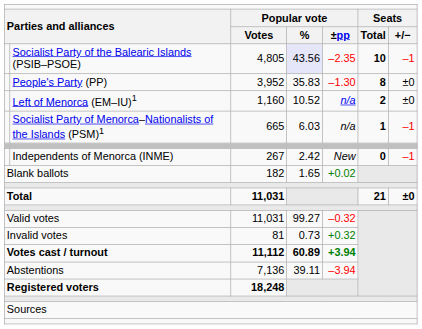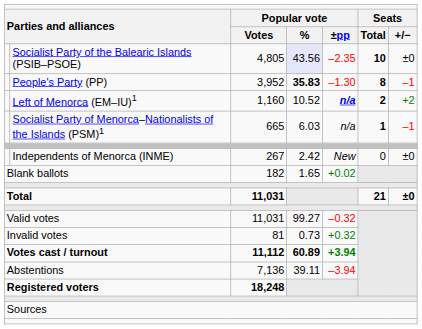 <table class="wikitable" style="text-align:right;">
 <tr>
 <td colspan="7"></td>
 </tr>
 <tr>
 <th style="text-align:left;" rowspan="2" colspan="2" width="525">Parties and alliances</th>
 <th colspan="3">Popular vote</th>
 <th colspan="2">Seats</th>
 </tr>
 <tr>
 <th width="75">Votes</th>
 <th width="45">%</th>
 <th width="45">±<a href='#'>pp</a></th>
 <th width="35">Total</th>
 <th width="35">+/−</th>
 </tr>
 <tr>
 <td width="1" style="color:inherit;background:"></td>
 <td align="left"><a href='#'>Socialist Party of the Balearic Islands</a> (PSIB–PSOE)</td>
 <td>4,805</td>
 <td style="background: lavender;">43.56</td>
 <td style="color:red;">–2.35</td>
 <td><strong>10</strong></td>
-<td style="color:red;">–1</td>
+<td>±0</td>
 </tr>
 <tr>
 <td style="color:inherit;background:"></td>
 <td align="left"><a href='#'>People's Party</a> (PP)</td>
 <td>3,952</td>
-<td>35.83</td>
+<td><strong>35.83</strong></td>
 <td style="color:red;">–1.30</td>
 <td><strong>8</strong></td>
-<td>±0</td>
+<td style="color:red;">–1</td>
 </tr>
 <tr>
 <td style="color:inherit;background:"></td>
 <td align="left"><a href='#'>Left of Menorca</a> (EM–IU)<sup>1</sup></td>
 <td>1,160</td>
 <td>10.52</td>
-<td><em><a href='#'>n/a</a></em></td>
+<td><strong><em><a href='#'>n/a</a></em></strong></td>
 <td><strong>2</strong></td>
-<td>±0</td>
+<td style="color:green;">+2</td>
 </tr>
 <tr>
 <td style="color:inherit;background:"></td>
 <td align="left"><a href='#'>Socialist Party of Menorca</a>–<a href='#'>Nationalists of the Islands</a> (PSM)<sup>1</sup></td>
 <td>665</td>
 <td>6.03</td>
 <td><em>n/a</em></td>
 <td><strong>1</strong></td>
 <td style="color:red;">–1</td>
 </tr>
 <tr>
 <td colspan="7" bgcolor="#C0C0C0"></td>
 </tr>
 <tr>
 <td style="color:inherit;background:"></td>
 <td align="left">Independents of Menorca (INME)</td>
 <td>267</td>
 <td>2.42</td>
 <td><em>New</em></td>
-<td><strong>0</strong></td>
-<td style="color:red;">–1</td>
+<td>0</td>
+<td>±0</td>
 </tr>
 <tr>
 <td align="left" colspan="2">Blank ballots</td>
 <td>182</td>
 <td>1.65</td>
 <td style="color:green;">+0.02</td>
 <td bgcolor="#E9E9E9" colspan="2"></td>
 </tr>
 <tr>
 <td colspan="7" bgcolor="#E9E9E9"></td>
 </tr>
 <tr style="font-weight:bold;">
 <td align="left" colspan="2">Total</td>
 <td>11,031</td>
 <td bgcolor="#E9E9E9" colspan="2"></td>
 <td>21</td>
 <td>±0</td>
 </tr>
 <tr>
 <td colspan="7" bgcolor="#E9E9E9"></td>
 </tr>
 <tr>
 <td align="left" colspan="2">Valid votes</td>
 <td>11,031</td>
 <td>99.27</td>
 <td style="color:red;">–0.32</td>
 <td bgcolor="#E9E9E9" colspan="2" rowspan="5"></td>
 </tr>
 <tr>
 <td align="left" colspan="2">Invalid votes</td>
 <td>81</td>
 <td>0.73</td>
 <td style="color:green;">+0.32</td>
 </tr>
 <tr style="font-weight:bold;">
 <td align="left" colspan="2">Votes cast / turnout</td>
 <td>11,112</td>
 <td>60.89</td>
 <td style="color:green;">+3.94</td>
 </tr>
 <tr>
 <td align="left" colspan="2">Abstentions</td>
 <td>7,136</td>
 <td>39.11</td>
 <td style="color:red;">–3.94</td>
 </tr>
 <tr style="font-weight:bold;">
 <td align="left" colspan="2">Registered voters</td>
 <td>18,248</td>
 <td bgcolor="#E9E9E9" colspan="2"></td>
 </tr>
 <tr>
 <td colspan="7" bgcolor="#E9E9E9"></td>
 </tr>
 <tr>
 <td align="left" colspan="7">Sources</td>
 </tr>
 <tr>
 <td colspan="7" style="text-align:left; max-width:790px;"></td>
 </tr>
 </table>
